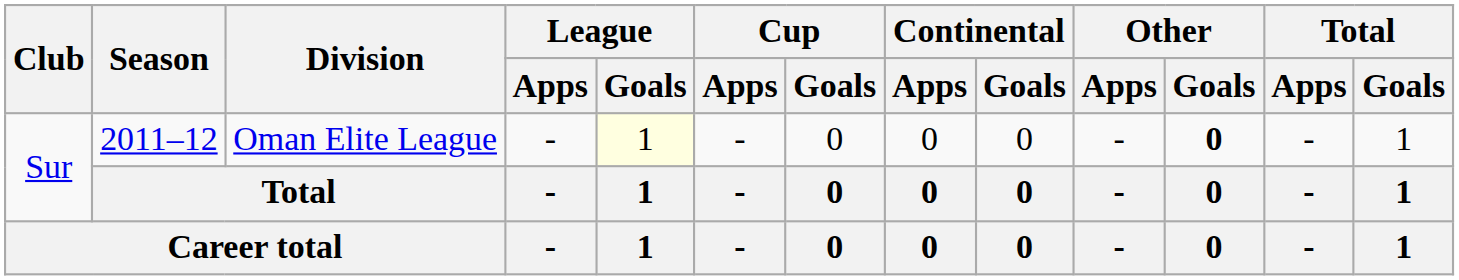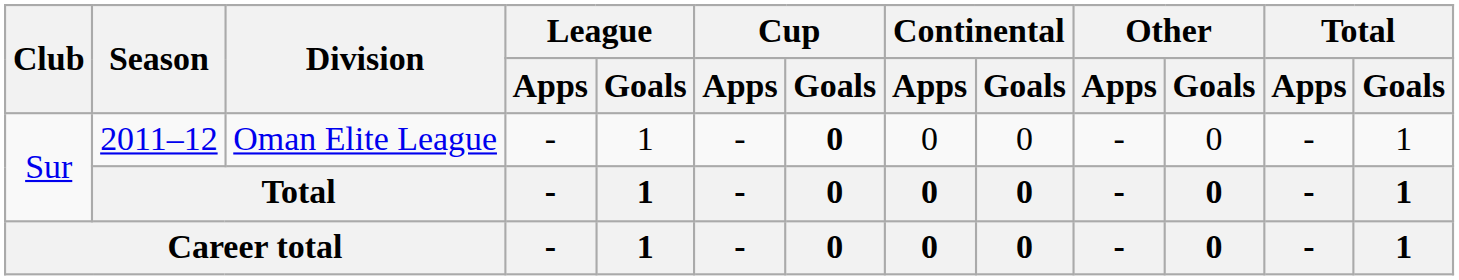 <table class="wikitable" style="text-align: center;">
 <tr>
 <th rowspan="2">Club</th>
 <th rowspan="2">Season</th>
 <th rowspan="2">Division</th>
 <th colspan="2">League</th>
 <th colspan="2">Cup</th>
 <th colspan="2">Continental</th>
 <th colspan="2">Other</th>
 <th colspan="2">Total</th>
 </tr>
 <tr>
 <th>Apps</th>
 <th>Goals</th>
 <th>Apps</th>
 <th>Goals</th>
 <th>Apps</th>
 <th>Goals</th>
 <th>Apps</th>
 <th>Goals</th>
 <th>Apps</th>
 <th>Goals</th>
 </tr>
 <tr>
 <td rowspan="2"><a href='#'>Sur</a></td>
 <td><a href='#'>2011–12</a></td>
 <td rowspan="1"><a href='#'>Oman Elite League</a></td>
 <td>-</td>
-<td style="background: lightyellow;">1</td>
+<td>1</td>
 <td>-</td>
-<td>0</td>
+<td><strong>0</strong></td>
 <td>0</td>
 <td>0</td>
 <td>-</td>
-<td><strong>0</strong></td>
+<td>0</td>
 <td>-</td>
 <td>1</td>
 </tr>
 <tr>
 <th colspan="2">Total</th>
 <th>-</th>
 <th>1</th>
 <th>-</th>
 <th>0</th>
 <th>0</th>
 <th>0</th>
 <th>-</th>
 <th>0</th>
 <th>-</th>
 <th>1</th>
 </tr>
 <tr>
 <th colspan="3">Career total</th>
 <th>-</th>
 <th>1</th>
 <th>-</th>
 <th>0</th>
 <th>0</th>
 <th>0</th>
 <th>-</th>
 <th>0</th>
 <th>-</th>
 <th>1</th>
 </tr>
 </table>
